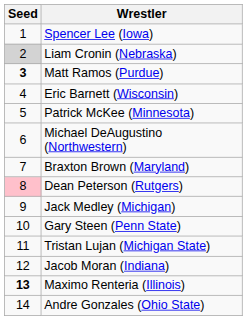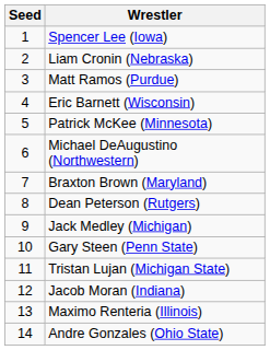 <table class="wikitable" style="text-align: center;">
 <tr>
 <th width="40">Seed</th>
 <th width="250">Wrestler</th>
 </tr>
 <tr>
 <td>1</td>
 <td align="left"><a href='#'>Spencer Lee</a> (<a href='#'>Iowa</a>)</td>
 </tr>
 <tr>
-<td style="background: lightgrey;">2</td>
+<td>2</td>
 <td align="left">Liam Cronin (<a href='#'>Nebraska</a>)</td>
 </tr>
 <tr>
-<td><strong>3</strong></td>
+<td>3</td>
 <td align="left">Matt Ramos (<a href='#'>Purdue</a>)</td>
 </tr>
 <tr>
 <td>4</td>
 <td align="left">Eric Barnett (<a href='#'>Wisconsin</a>)</td>
 </tr>
 <tr>
 <td>5</td>
 <td align="left">Patrick McKee (<a href='#'>Minnesota</a>)</td>
 </tr>
 <tr>
 <td>6</td>
 <td align="left">Michael DeAugustino (<a href='#'>Northwestern</a>)</td>
 </tr>
 <tr>
 <td>7</td>
 <td align="left">Braxton Brown (<a href='#'>Maryland</a>)</td>
 </tr>
 <tr>
-<td style="background: pink;">8</td>
+<td>8</td>
 <td align="left">Dean Peterson (<a href='#'>Rutgers</a>)</td>
 </tr>
 <tr>
 <td>9</td>
 <td align="left">Jack Medley (<a href='#'>Michigan</a>)</td>
 </tr>
 <tr>
 <td>10</td>
 <td align="left">Gary Steen (<a href='#'>Penn State</a>)</td>
 </tr>
 <tr>
 <td>11</td>
 <td align="left">Tristan Lujan (<a href='#'>Michigan State</a>)</td>
 </tr>
 <tr>
 <td>12</td>
 <td align="left">Jacob Moran (<a href='#'>Indiana</a>)</td>
 </tr>
 <tr>
-<td><strong>13</strong></td>
+<td>13</td>
 <td align="left">Maximo Renteria (<a href='#'>Illinois</a>)</td>
 </tr>
 <tr>
 <td>14</td>
 <td align="left">Andre Gonzales (<a href='#'>Ohio State</a>)</td>
 </tr>
 </table>
